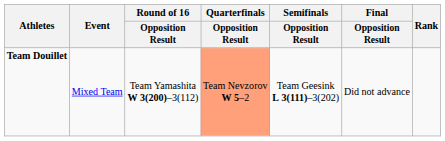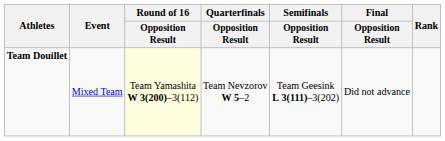 <table class="wikitable" style="font-size:90%">
 <tr>
 <th rowspan="2">Athletes</th>
 <th rowspan="2">Event</th>
 <th>Round of 16</th>
 <th>Quarterfinals</th>
 <th>Semifinals</th>
 <th>Final</th>
 <th rowspan=2>Rank</th>
 </tr>
 <tr style="font-size:95%">
 <th>Opposition<br>Result</th>
 <th>Opposition<br>Result</th>
 <th>Opposition<br>Result</th>
 <th>Opposition<br>Result</th>
 </tr>
 <tr align=center>
 <td align=left><strong>Team Douillet</strong><br><strong><br><br><br><br><br><br></strong></td>
 <td align=left><a href='#'>Mixed Team</a></td>
-<td>Team Yamashita<br><strong>W</strong> <strong>3(200)</strong>–3(112)</td>
-<td style="background: lightsalmon;">Team Nevzorov<br><strong>W</strong> <strong>5</strong>–2</td>
+<td style="background: lightyellow;">Team Yamashita<br><strong>W</strong> <strong>3(200)</strong>–3(112)</td>
+<td>Team Nevzorov<br><strong>W</strong> <strong>5</strong>–2</td>
 <td>Team Geesink<br><strong>L</strong> <strong>3(111)</strong>–3(202)</td>
 <td>Did not advance</td>
 <td></td>
 </tr>
 </table>
